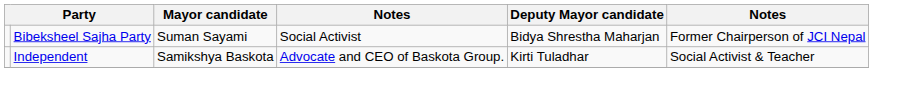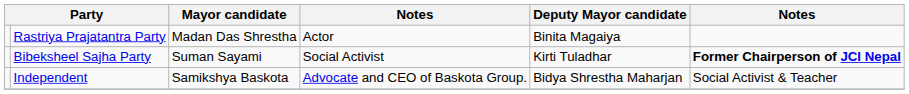 <table class="wikitable">
 <tr>
 <th colspan="2">Party</th>
 <th>Mayor candidate</th>
 <th>Notes</th>
 <th>Deputy Mayor candidate</th>
 <th>Notes</th>
 </tr>
 <tr>
 <td></td>
+<td><a href='#'>Rastriya Prajatantra Party</a></td>
+<td>Madan Das Shrestha</td>
+<td>Actor</td>
+<td>Binita Magaiya</td>
+<td></td>
+</tr>
+<tr>
+<td></td>
 <td><a href='#'>Bibeksheel Sajha Party</a></td>
 <td>Suman Sayami</td>
 <td>Social Activist</td>
-<td>Bidya Shrestha Maharjan</td>
-<td>Former Chairperson of <a href='#'>JCI Nepal</a></td>
+<td>Kirti Tuladhar</td>
+<td><strong>Former Chairperson of <a href='#'>JCI Nepal</a></strong></td>
 </tr>
 <tr>
 <td></td>
 <td><a href='#'>Independent</a></td>
 <td>Samikshya Baskota</td>
 <td><a href='#'>Advocate</a> and CEO of Baskota Group.</td>
-<td>Kirti Tuladhar</td>
+<td>Bidya Shrestha Maharjan</td>
 <td>Social Activist & Teacher</td>
 </tr>
 <tr>
 </tr>
 </table>
